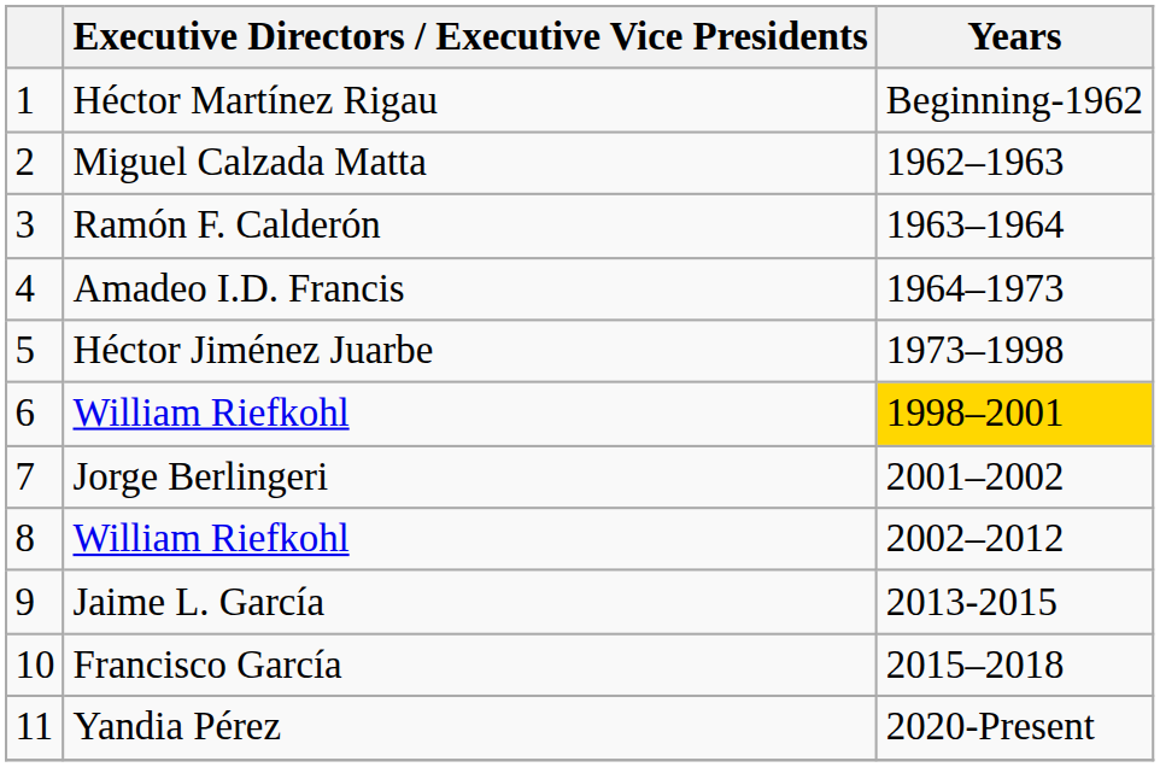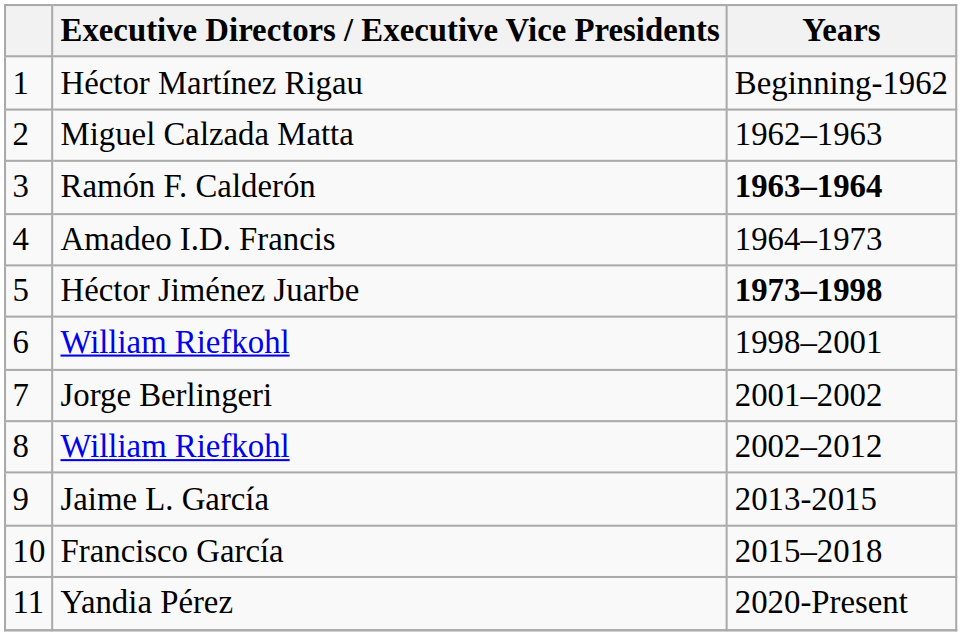 <table class="wikitable sortable">
 <tr style="background:#eee;">
 <th></th>
 <th>Executive Directors / Executive Vice Presidents</th>
 <th>Years</th>
 </tr>
 <tr>
 <td>1</td>
 <td>Héctor Martínez Rigau</td>
 <td>Beginning-1962</td>
 </tr>
 <tr>
 <td>2</td>
 <td>Miguel Calzada Matta</td>
 <td>1962–1963</td>
 </tr>
 <tr>
 <td>3</td>
 <td>Ramón F. Calderón</td>
-<td>1963–1964</td>
+<td><strong>1963–1964</strong></td>
 </tr>
 <tr>
 <td>4</td>
 <td>Amadeo I.D. Francis</td>
 <td>1964–1973</td>
 </tr>
 <tr>
 <td>5</td>
 <td>Héctor Jiménez Juarbe</td>
-<td>1973–1998</td>
+<td><strong>1973–1998</strong></td>
 </tr>
 <tr>
 <td>6</td>
 <td><a href='#'>William Riefkohl</a></td>
-<td style="background: gold;">1998–2001</td>
+<td>1998–2001</td>
 </tr>
 <tr>
 <td>7</td>
 <td>Jorge Berlingeri</td>
 <td>2001–2002</td>
 </tr>
 <tr>
 <td>8</td>
 <td><a href='#'>William Riefkohl</a></td>
 <td>2002–2012</td>
 </tr>
 <tr>
 <td>9</td>
 <td>Jaime L. García</td>
 <td>2013-2015</td>
 </tr>
 <tr>
 <td>10</td>
 <td>Francisco García</td>
 <td>2015–2018</td>
 </tr>
 <tr>
 <td>11</td>
 <td>Yandia Pérez</td>
 <td>2020-Present</td>
 </tr>
 <tr>
 </tr>
 </table>
